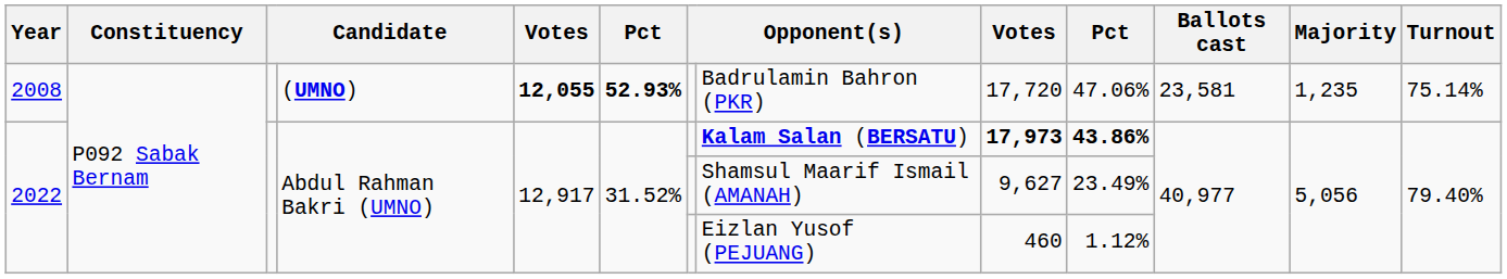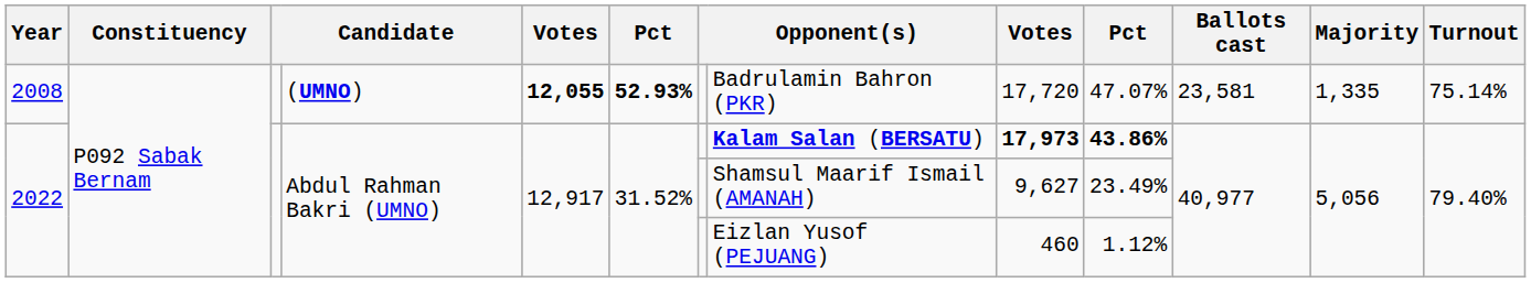 <table class="wikitable" style="margin:0.5em ; font-size:95%">
 <tr>
 <th>Year</th>
 <th>Constituency</th>
 <th colspan=2>Candidate</th>
 <th>Votes</th>
 <th>Pct</th>
 <th colspan=2>Opponent(s)</th>
 <th>Votes</th>
 <th>Pct</th>
 <th>Ballots cast</th>
 <th>Majority</th>
 <th>Turnout</th>
 </tr>
 <tr>
 <td><a href='#'>2008</a></td>
 <td rowspan="4">P092 <a href='#'>Sabak Bernam</a></td>
 <td></td>
 <td> (<a href='#'><strong>UMNO</strong></a>)</td>
 <td align="right"><strong>12,055</strong></td>
 <td><strong>52.93%</strong></td>
 <td></td>
 <td>Badrulamin Bahron (<a href='#'>PKR</a>)</td>
 <td align="right">17,720</td>
-<td>47.06%</td>
+<td>47.07%</td>
 <td>23,581</td>
-<td>1,235</td>
+<td>1,335</td>
 <td>75.14%</td>
 </tr>
 <tr>
 <td rowspan="3"><a href='#'>2022</a></td>
 <td rowspan="3" ></td>
 <td rowspan="3">Abdul Rahman Bakri (<a href='#'>UMNO</a>)</td>
 <td rowspan="3" align="right">12,917</td>
 <td rowspan="3">31.52%</td>
 <td></td>
 <td><strong><a href='#'>Kalam Salan</a></strong> (<a href='#'><strong>BERSATU</strong></a>)</td>
 <td align="right"><strong>17,973</strong></td>
 <td><strong>43.86%</strong></td>
 <td rowspan="3">40,977</td>
 <td rowspan="3">5,056</td>
 <td rowspan="3">79.40%</td>
 </tr>
 <tr>
 <td></td>
 <td>Shamsul Maarif Ismail (<a href='#'>AMANAH</a>)</td>
 <td align="right">9,627</td>
 <td align="right">23.49%</td>
 </tr>
 <tr>
 <td></td>
 <td>Eizlan Yusof (<a href='#'>PEJUANG</a>)</td>
 <td align="right">460</td>
 <td align="right">1.12%</td>
 </tr>
 </table>
